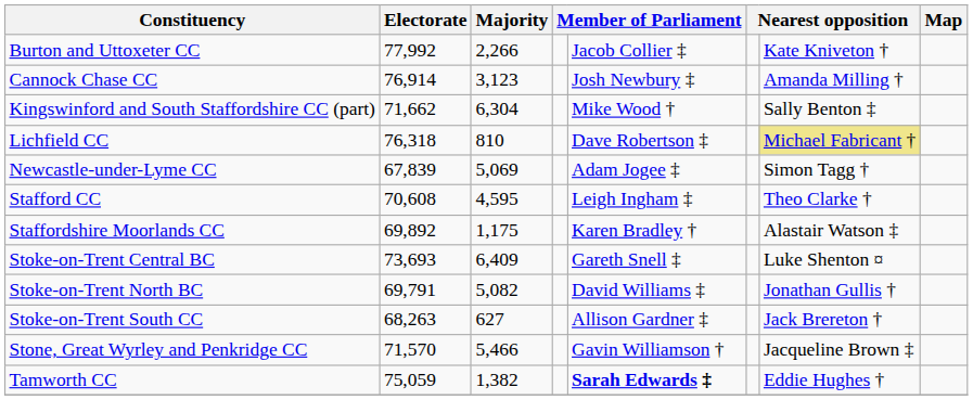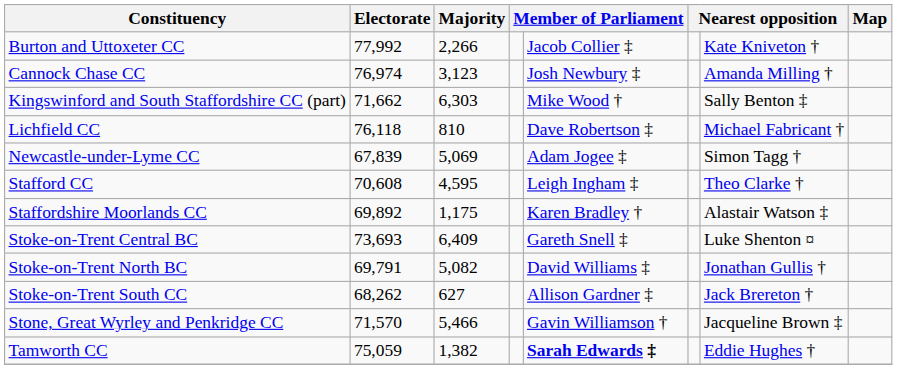 <table class="wikitable sortable">
 <tr>
 <th rowspan=1>Constituency</th>
 <th rowspan=1>Electorate</th>
 <th rowspan=1>Majority</th>
 <th colspan=2 class=unsortable><a href='#'>Member of Parliament</a></th>
 <th colspan=2 class=unsortable>Nearest opposition<br></th>
 <th rowspan=1 class=unsortable>Map</th>
 </tr>
 <tr>
 <td><a href='#'>Burton and Uttoxeter CC</a></td>
 <td>77,992</td>
 <td>2,266</td>
 <td style="color:inherit;background:"> </td>
 <td><a href='#'>Jacob Collier</a> ‡</td>
 <td style="color:inherit;background:"> </td>
 <td><a href='#'>Kate Kniveton</a> †</td>
 <td></td>
 </tr>
 <tr>
 <td><a href='#'>Cannock Chase CC</a></td>
-<td>76,914</td>
+<td>76,974</td>
 <td>3,123</td>
 <td style="color:inherit;background:"> </td>
 <td><a href='#'>Josh Newbury</a> ‡</td>
 <td style="color:inherit;background:"> </td>
 <td><a href='#'>Amanda Milling</a> †</td>
 <td></td>
 </tr>
 <tr>
 <td><a href='#'>Kingswinford and South Staffordshire CC</a> (part)</td>
 <td>71,662</td>
-<td>6,304</td>
+<td>6,303</td>
 <td style="color:inherit;background:"> </td>
 <td><a href='#'>Mike Wood</a> †</td>
 <td style="color:inherit;background:"> </td>
 <td>Sally Benton ‡</td>
 <td></td>
 </tr>
 <tr>
 <td><a href='#'>Lichfield CC</a></td>
-<td>76,318</td>
+<td>76,118</td>
 <td>810</td>
 <td style="color:inherit;background:"> </td>
 <td><a href='#'>Dave Robertson</a> ‡</td>
 <td style="color:inherit;background:"> </td>
-<td style="background: khaki;"><a href='#'>Michael Fabricant</a> †</td>
+<td><a href='#'>Michael Fabricant</a> †</td>
 <td></td>
 </tr>
 <tr>
 <td><a href='#'>Newcastle-under-Lyme CC</a></td>
 <td>67,839</td>
 <td>5,069</td>
 <td style="color:inherit;background:"> </td>
 <td><a href='#'>Adam Jogee</a> ‡</td>
 <td style="color:inherit;background:"> </td>
 <td>Simon Tagg †</td>
 <td></td>
 </tr>
 <tr>
 <td><a href='#'>Stafford CC</a></td>
 <td>70,608</td>
 <td>4,595</td>
 <td style="color:inherit;background:"> </td>
 <td><a href='#'>Leigh Ingham</a> ‡</td>
 <td style="color:inherit;background:"> </td>
 <td><a href='#'>Theo Clarke</a> †</td>
 <td></td>
 </tr>
 <tr>
 <td><a href='#'>Staffordshire Moorlands CC</a></td>
 <td>69,892</td>
 <td>1,175</td>
 <td style="color:inherit;background:"> </td>
 <td><a href='#'>Karen Bradley</a> †</td>
 <td style="color:inherit;background:"> </td>
 <td>Alastair Watson ‡</td>
 <td></td>
 </tr>
 <tr>
 <td><a href='#'>Stoke-on-Trent Central BC</a></td>
 <td>73,693</td>
 <td>6,409</td>
 <td style="color:inherit;background:"> </td>
 <td><a href='#'>Gareth Snell</a> ‡</td>
 <td style="color:inherit;background:"> </td>
 <td>Luke Shenton ¤</td>
 <td></td>
 </tr>
 <tr>
 <td><a href='#'>Stoke-on-Trent North BC</a></td>
 <td>69,791</td>
 <td>5,082</td>
 <td style="color:inherit;background:"> </td>
 <td><a href='#'>David Williams</a> ‡</td>
 <td style="color:inherit;background:"> </td>
 <td><a href='#'>Jonathan Gullis</a> †</td>
 <td></td>
 </tr>
 <tr>
 <td><a href='#'>Stoke-on-Trent South CC</a></td>
-<td>68,263</td>
+<td>68,262</td>
 <td>627</td>
 <td style="color:inherit;background:"> </td>
 <td><a href='#'>Allison Gardner</a> ‡</td>
 <td style="color:inherit;background:"> </td>
 <td><a href='#'>Jack Brereton</a> †</td>
 <td></td>
 </tr>
 <tr>
 <td><a href='#'>Stone, Great Wyrley and Penkridge CC</a></td>
 <td>71,570</td>
 <td>5,466</td>
 <td style="color:inherit;background:"> </td>
 <td><a href='#'>Gavin Williamson</a> †</td>
 <td style="color:inherit;background:"> </td>
 <td>Jacqueline Brown ‡</td>
 <td></td>
 </tr>
 <tr>
 <td><a href='#'>Tamworth CC</a></td>
 <td>75,059</td>
 <td>1,382</td>
 <td style="color:inherit;background:"> </td>
 <td><strong><a href='#'>Sarah Edwards</a> ‡</strong></td>
 <td style="color:inherit;background:"> </td>
 <td><a href='#'>Eddie Hughes</a> †</td>
 <td></td>
 </tr>
 <tr>
 </tr>
 </table>
